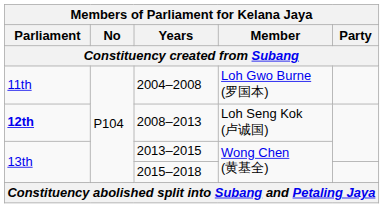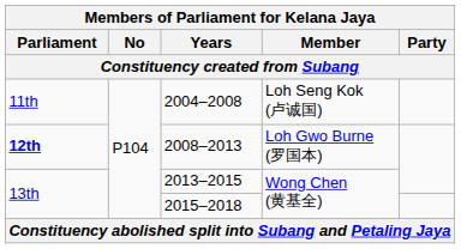 <table class=wikitable>
 <tr>
 <th colspan="5">Members of Parliament for Kelana Jaya</th>
 </tr>
 <tr>
 <th>Parliament</th>
 <th>No</th>
 <th>Years</th>
 <th>Member</th>
 <th>Party</th>
 </tr>
 <tr>
 <th colspan="5" align="center"><em>Constituency created from <a href='#'>Subang</a></em></th>
 </tr>
 <tr>
 <td><a href='#'>11th</a></td>
 <td rowspan=4>P104</td>
 <td>2004–2008</td>
-<td><a href='#'>Loh Gwo Burne</a> <br> (罗国本)</td>
+<td>Loh Seng Kok  <br>(卢诚国)</td>
 <td></td>
 </tr>
 <tr>
 <td><strong><a href='#'>12th</a></strong></td>
 <td>2008–2013</td>
-<td>Loh Seng Kok  <br>(卢诚国)</td>
+<td><a href='#'>Loh Gwo Burne</a> <br> (罗国本)</td>
 <td rowspan="2"></td>
 </tr>
 <tr>
 <td rowspan=2><a href='#'>13th</a></td>
 <td>2013–2015</td>
 <td rowspan=2><a href='#'>Wong Chen</a>  <br>(黄基全)</td>
 </tr>
 <tr>
 <td>2015–2018</td>
 <td></td>
 </tr>
 <tr>
 <th colspan="5" align="center"><em>Constituency abolished split into <a href='#'>Subang</a> and <a href='#'>Petaling Jaya</a></em></th>
 </tr>
 </table>
